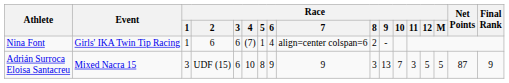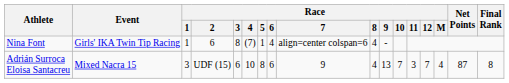 <table class=wikitable style="font-size:90%">
 <tr>
 <th rowspan="2">Athlete</th>
 <th rowspan="2">Event</th>
 <th colspan="13">Race</th>
 <th rowspan="2">Net<br>Points</th>
 <th rowspan="2">Final<br>Rank</th>
 </tr>
 <tr>
 <th>1</th>
 <th>2</th>
 <th>3</th>
 <th>4</th>
 <th>5</th>
 <th>6</th>
 <th>7</th>
 <th>8</th>
 <th>9</th>
 <th>10</th>
 <th>11</th>
 <th>12</th>
 <th>M</th>
 </tr>
 <tr align=center>
 <td align=left><a href='#'>Nina Font</a></td>
 <td align=center><a href='#'>Girls' IKA Twin Tip Racing</a></td>
 <td>1</td>
 <td>6</td>
-<td>6</td>
+<td>8</td>
 <td>(7)</td>
 <td>1</td>
 <td>4</td>
 <td>align=center colspan=6 </td>
-<td>2</td>
+<td>4</td>
 <td align=center>-</td>
 <td align=center></td>
 </tr>
 <tr align=center>
 <td align=left><a href='#'>Adrián Surroca</a> <br> <a href='#'>Eloisa Santacreu</a></td>
 <td align=left><a href='#'>Mixed Nacra 15</a></td>
 <td>3</td>
 <td>UDF (15)</td>
 <td>6</td>
 <td>10</td>
 <td>8</td>
+<td>6</td>
 <td>9</td>
-<td>9</td>
-<td>3</td>
+<td>4</td>
 <td>13</td>
 <td>7</td>
 <td>3</td>
-<td>5</td>
-<td>5</td>
+<td>7</td>
+<td>4</td>
 <td align=center>87</td>
-<td align=center>9</td>
+<td align=center>8</td>
 </tr>
 </table>
